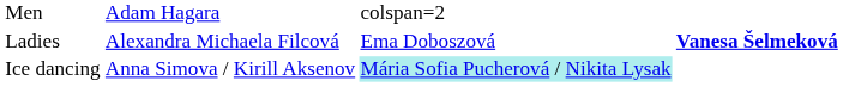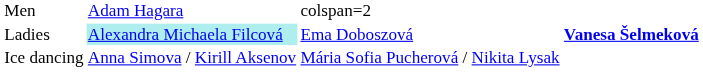 <table>
 <tr>
 <td>Men</td>
 <td><a href='#'>Adam Hagara</a></td>
 <td>colspan=2 </td>
 </tr>
 <tr>
 <td>Ladies</td>
-<td><a href='#'>Alexandra Michaela Filcová</a></td>
+<td style="background: paleturquoise;"><a href='#'>Alexandra Michaela Filcová</a></td>
 <td><a href='#'>Ema Doboszová</a></td>
 <td><strong><a href='#'>Vanesa Šelmeková</a></strong></td>
 </tr>
 <tr>
 <td>Ice dancing</td>
 <td><a href='#'>Anna Simova</a> / <a href='#'>Kirill Aksenov</a></td>
-<td style="background: paleturquoise;"><a href='#'>Mária Sofia Pucherová</a> / <a href='#'>Nikita Lysak</a></td>
+<td><a href='#'>Mária Sofia Pucherová</a> / <a href='#'>Nikita Lysak</a></td>
 <td></td>
 </tr>
 </table>
